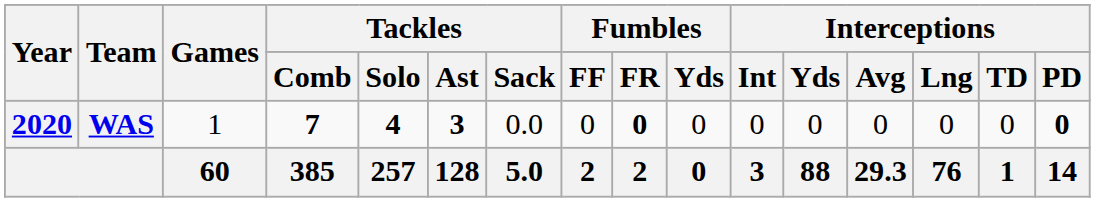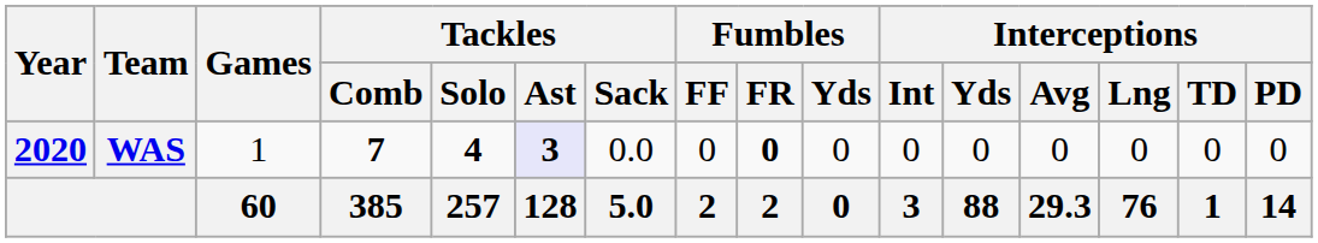 <table class="wikitable" style="text-align: center;">
 <tr>
 <th rowspan="2">Year</th>
 <th rowspan="2">Team</th>
 <th rowspan="2">Games</th>
 <th colspan="4">Tackles</th>
 <th colspan="3">Fumbles</th>
 <th colspan="6">Interceptions</th>
 </tr>
 <tr>
 <th>Comb</th>
 <th>Solo</th>
 <th>Ast</th>
 <th>Sack</th>
 <th>FF</th>
 <th>FR</th>
 <th>Yds</th>
 <th>Int</th>
 <th>Yds</th>
 <th>Avg</th>
 <th>Lng</th>
 <th>TD</th>
 <th>PD</th>
 </tr>
 <tr>
 <th><a href='#'>2020</a></th>
 <th><a href='#'>WAS</a></th>
 <td>1</td>
 <td><strong>7</strong></td>
 <td><strong>4</strong></td>
-<td><strong>3</strong></td>
+<td style="background: lavender;"><strong>3</strong></td>
 <td>0.0</td>
 <td>0</td>
 <td><strong>0</strong></td>
 <td>0</td>
 <td>0</td>
 <td>0</td>
 <td>0</td>
 <td>0</td>
 <td>0</td>
-<td><strong>0</strong></td>
+<td>0</td>
 </tr>
 <tr>
 <th colspan="2"></th>
 <th>60</th>
 <th>385</th>
 <th>257</th>
 <th>128</th>
 <th>5.0</th>
 <th>2</th>
 <th>2</th>
 <th>0</th>
 <th>3</th>
 <th>88</th>
 <th>29.3</th>
 <th>76</th>
 <th>1</th>
 <th>14</th>
 </tr>
 </table>
